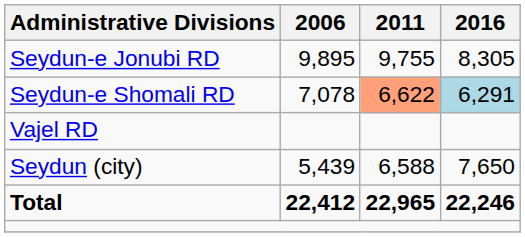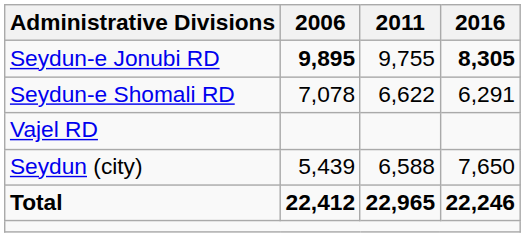 <table class="wikitable">
 <tr>
 <th>Administrative Divisions</th>
 <th>2006</th>
 <th>2011</th>
 <th>2016</th>
 </tr>
 <tr>
 <td><a href='#'>Seydun-e Jonubi RD</a></td>
-<td style="text-align: right;">9,895</td>
+<td style="text-align: right;"><strong>9,895</strong></td>
 <td style="text-align: right;">9,755</td>
-<td style="text-align: right;">8,305</td>
+<td style="text-align: right;"><strong>8,305</strong></td>
 </tr>
 <tr>
 <td><a href='#'>Seydun-e Shomali RD</a></td>
 <td style="text-align: right;">7,078</td>
-<td style="background: lightsalmon; text-align: right;">6,622</td>
-<td style="background: lightblue; text-align: right;">6,291</td>
+<td style="text-align: right;">6,622</td>
+<td style="text-align: right;">6,291</td>
 </tr>
 <tr>
 <td><a href='#'>Vajel RD</a></td>
 <td style="text-align: right;"></td>
 <td style="text-align: right;"></td>
 <td style="text-align: right;"></td>
 </tr>
 <tr>
 <td><a href='#'>Seydun</a> (city)</td>
 <td style="text-align: right;">5,439</td>
 <td style="text-align: right;">6,588</td>
 <td style="text-align: right;">7,650</td>
 </tr>
 <tr>
 <td><strong>Total</strong></td>
 <td style="text-align: right;"><strong>22,412</strong></td>
 <td style="text-align: right;"><strong>22,965</strong></td>
 <td style="text-align: right;"><strong>22,246</strong></td>
 </tr>
 <tr>
 <td colspan=4></td>
 </tr>
 </table>
